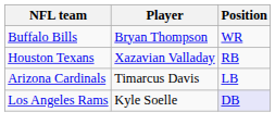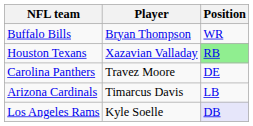 <table class="wikitable">
 <tr>
 <th style="text-align:center; ">NFL team</th>
 <th style="text-align:center; ">Player</th>
 <th style="text-align:center; ">Position</th>
 </tr>
 <tr>
 <td><a href='#'>Buffalo Bills</a></td>
 <td><a href='#'>Bryan Thompson</a></td>
 <td><a href='#'>WR</a></td>
 </tr>
 <tr>
 <td><a href='#'>Houston Texans</a></td>
 <td><a href='#'>Xazavian Valladay</a></td>
-<td><a href='#'>RB</a></td>
+<td style="background: lightgreen;"><a href='#'>RB</a></td>
+</tr>
+<tr>
+<td><a href='#'>Carolina Panthers</a></td>
+<td>Travez Moore</td>
+<td><a href='#'>DE</a></td>
 </tr>
 <tr>
 <td><a href='#'>Arizona Cardinals</a></td>
 <td>Timarcus Davis</td>
 <td><a href='#'>LB</a></td>
 </tr>
 <tr>
 <td><a href='#'>Los Angeles Rams</a></td>
 <td>Kyle Soelle</td>
 <td style="background: lavender;"><a href='#'>DB</a></td>
 </tr>
 </table>
